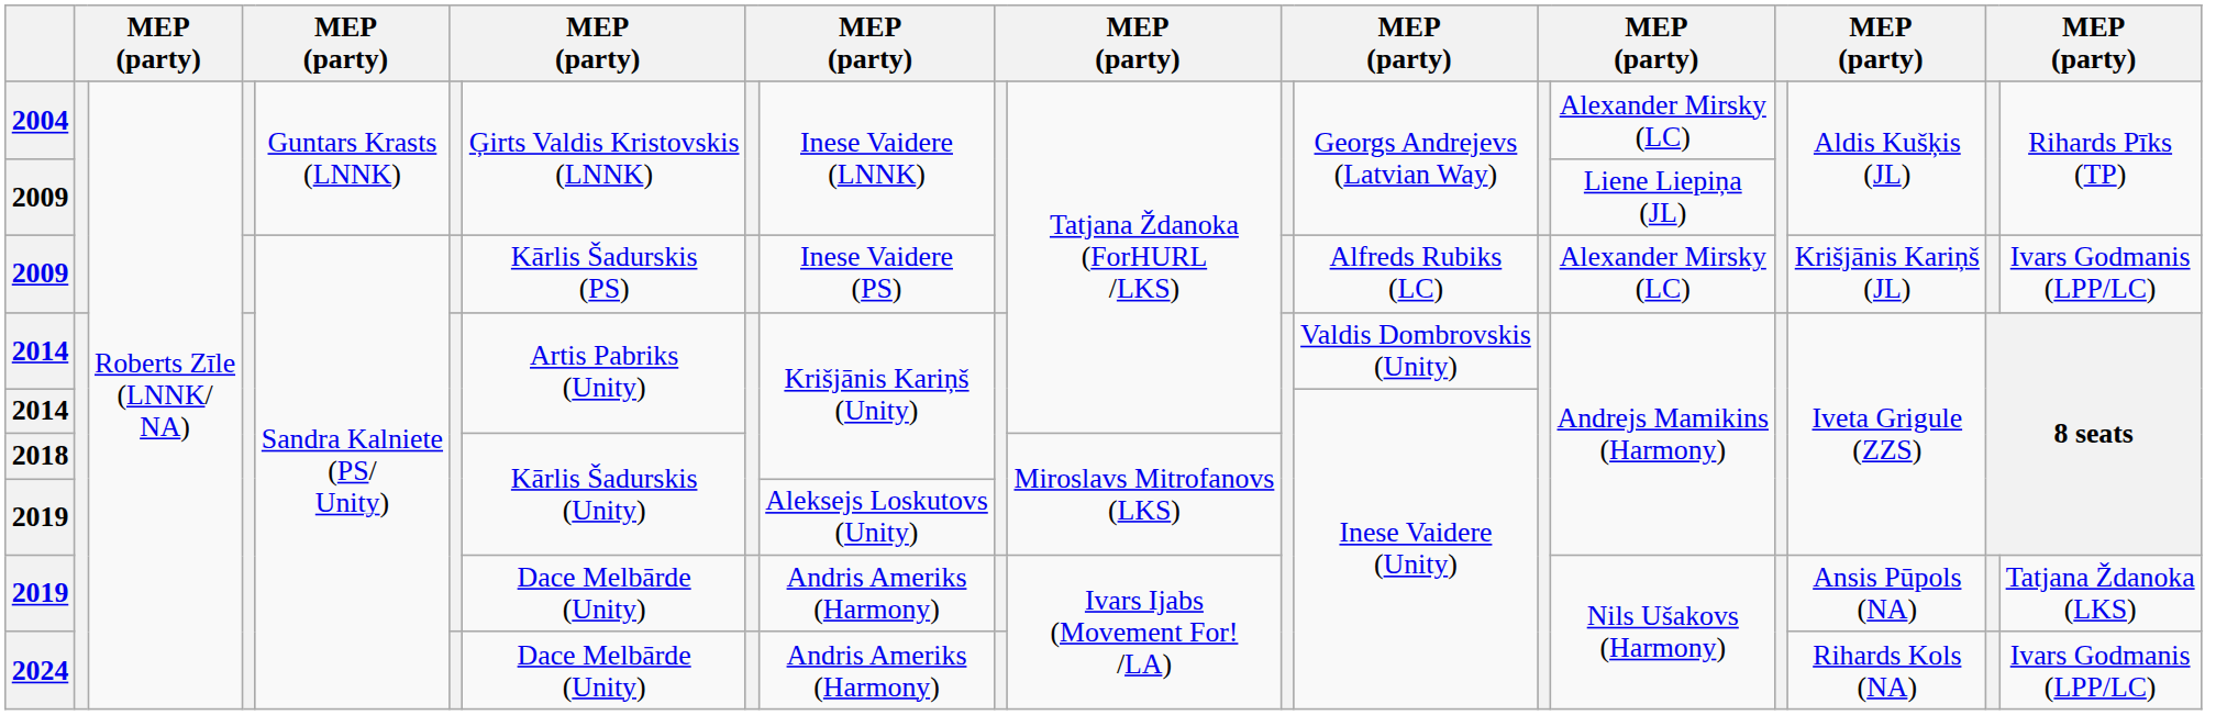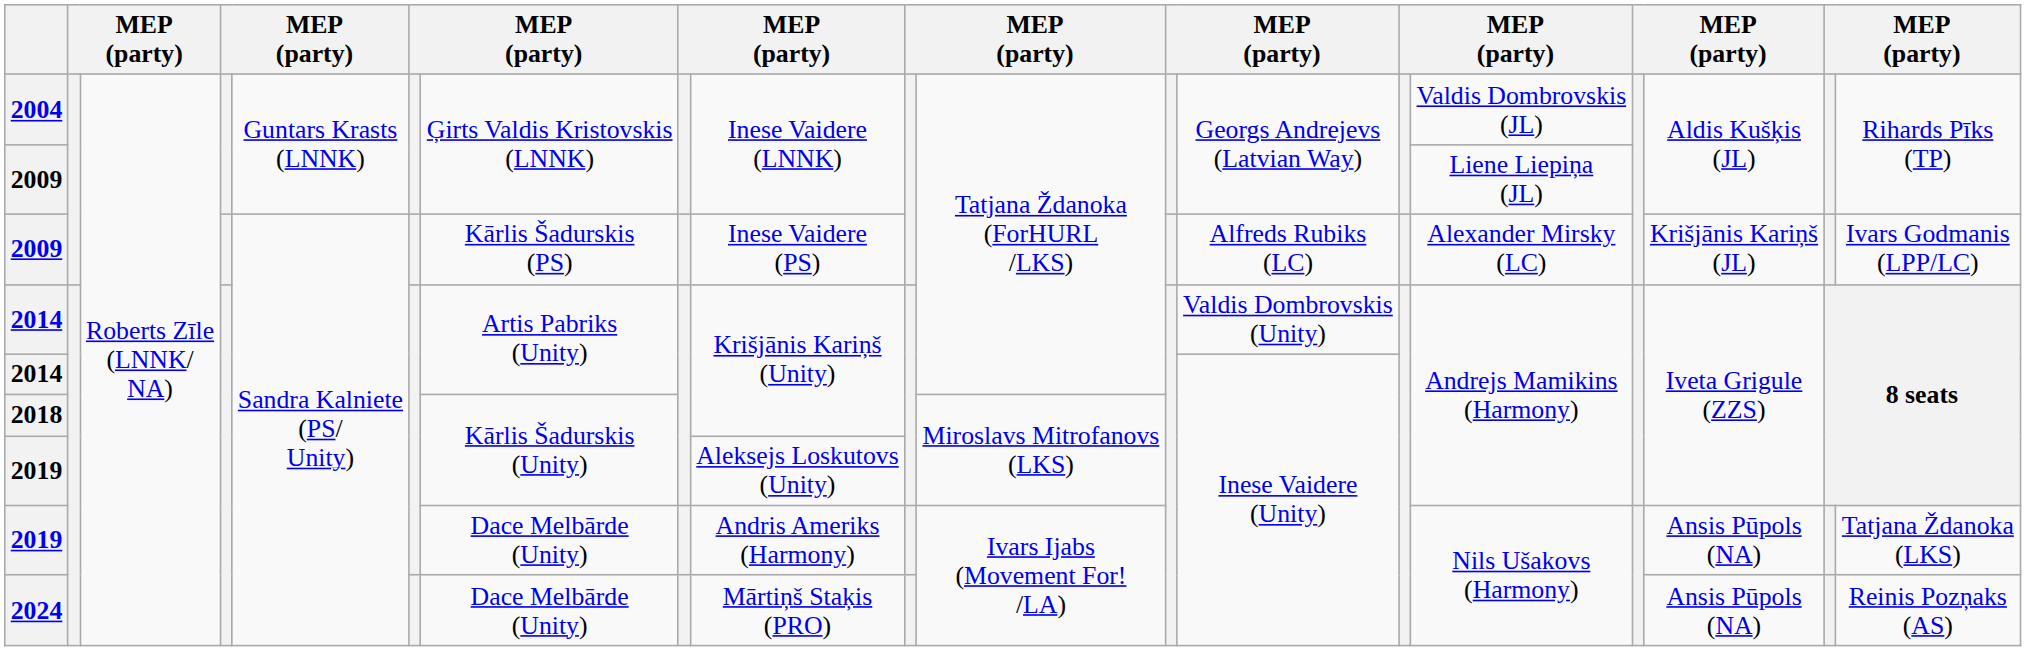 <table class="wikitable" style="text-align:center">
 <tr>
 <th></th>
 <th colspan=2>MEP<br>(party)</th>
 <th colspan=2>MEP<br>(party)</th>
 <th colspan=2>MEP<br>(party)</th>
 <th colspan=2>MEP<br>(party)</th>
 <th colspan=2>MEP<br>(party)</th>
 <th colspan=2>MEP<br>(party)</th>
 <th colspan=2>MEP<br>(party)</th>
 <th colspan=2>MEP<br>(party)</th>
 <th colspan=2>MEP<br>(party)</th>
 </tr>
 <tr>
 <th><a href='#'>2004</a></th>
 <th rowspan=3 style="background-color: "></th>
 <td rowspan=9><a href='#'>Roberts Zīle</a><br>(<a href='#'>LNNK</a>/<br><a href='#'>NA</a>)</td>
 <th rowspan=2 style="background-color: "></th>
 <td rowspan=2><a href='#'>Guntars Krasts</a><br>(<a href='#'>LNNK</a>)</td>
 <th rowspan=2 style="background-color: "></th>
 <td rowspan=2><a href='#'>Ģirts Valdis Kristovskis</a><br>(<a href='#'>LNNK</a>)</td>
 <th rowspan=2 style="background-color: "></th>
 <td rowspan=2><a href='#'>Inese Vaidere</a><br>(<a href='#'>LNNK</a>)</td>
 <th rowspan=3 style="background-color: "></th>
 <td rowspan=5><a href='#'>Tatjana Ždanoka</a><br>(<a href='#'>ForHURL</a><br>/<a href='#'>LKS</a>)</td>
 <th rowspan=2 style="background-color: "></th>
 <td rowspan=2><a href='#'>Georgs Andrejevs</a><br>(<a href='#'>Latvian Way</a>)</td>
 <th rowspan=2 style="background-color: "></th>
-<td rowspan=1><a href='#'>Alexander Mirsky</a><br>(<a href='#'>LC</a>)</td>
+<td rowspan=1><a href='#'>Valdis Dombrovskis</a><br>(<a href='#'>JL</a>)</td>
 <th rowspan=3 style="background-color: "></th>
 <td rowspan=2><a href='#'>Aldis Kušķis</a><br>(<a href='#'>JL</a>)</td>
 <th rowspan=2 style="background-color: "></th>
 <td rowspan=2><a href='#'>Rihards Pīks</a><br>(<a href='#'>TP</a>)</td>
 </tr>
 <tr>
 <th>2009</th>
 <td rowspan=1><a href='#'>Liene Liepiņa</a><br>(<a href='#'>JL</a>)</td>
 </tr>
 <tr>
 <th><a href='#'>2009</a></th>
 <th rowspan=1 style="background-color: "></th>
 <td rowspan=7><a href='#'>Sandra Kalniete</a><br>(<a href='#'>PS</a>/<br><a href='#'>Unity</a>)</td>
 <th rowspan=1 style="background-color: "></th>
 <td rowspan=1><a href='#'>Kārlis Šadurskis</a><br>(<a href='#'>PS</a>)</td>
 <th rowspan=1 style="background-color: "></th>
 <td rowspan=1><a href='#'>Inese Vaidere</a><br>(<a href='#'>PS</a>)</td>
 <th rowspan=1 style="background-color: "></th>
 <td rowspan=1><a href='#'>Alfreds Rubiks</a><br>(<a href='#'>LC</a>)</td>
 <th rowspan=1 style="background-color: "></th>
 <td rowspan=1><a href='#'>Alexander Mirsky</a><br>(<a href='#'>LC</a>)</td>
 <td rowspan=1><a href='#'>Krišjānis Kariņš</a><br>(<a href='#'>JL</a>)</td>
 <th rowspan=1 style="background-color: "></th>
 <td rowspan=1><a href='#'>Ivars Godmanis</a><br>(<a href='#'>LPP/LC</a>)</td>
 </tr>
 <tr>
 <th><a href='#'>2014</a></th>
 <th rowspan=7 style="background-color: "></th>
 <th rowspan=6 style="background-color: "></th>
 <th rowspan=5 style="background-color: "></th>
 <td rowspan=2><a href='#'>Artis Pabriks</a><br>(<a href='#'>Unity</a>)</td>
 <th rowspan=4 style="background-color: "></th>
 <td rowspan=3><a href='#'>Krišjānis Kariņš</a><br>(<a href='#'>Unity</a>)</td>
 <th rowspan=4 style="background-color: "></th>
 <th rowspan=6 style="background-color: "></th>
 <td rowspan=1><a href='#'>Valdis Dombrovskis</a><br>(<a href='#'>Unity</a>)</td>
 <th rowspan=6 style="background-color: "></th>
 <td rowspan=4><a href='#'>Andrejs Mamikins</a><br>(<a href='#'>Harmony</a>)</td>
 <th rowspan=4 style="background-color: "></th>
 <td rowspan=4><a href='#'>Iveta Grigule</a><br>(<a href='#'>ZZS</a>)</td>
 <th colspan=2; rowspan=4>8 seats</th>
 </tr>
 <tr>
 <th>2014</th>
 <td rowspan=5><a href='#'>Inese Vaidere</a><br>(<a href='#'>Unity</a>)</td>
 </tr>
 <tr>
 <th>2018</th>
 <td rowspan=2><a href='#'>Kārlis Šadurskis</a><br>(<a href='#'>Unity</a>)</td>
 <td rowspan=2><a href='#'>Miroslavs Mitrofanovs</a><br>(<a href='#'>LKS</a>)</td>
 </tr>
 <tr>
 <th>2019</th>
 <td rowspan=1><a href='#'>Aleksejs Loskutovs</a><br>(<a href='#'>Unity</a>)</td>
 </tr>
 <tr>
 <th><a href='#'>2019</a></th>
 <td rowspan=1><a href='#'>Dace Melbārde</a><br>(<a href='#'>Unity</a>)</td>
 <th rowspan=1 style="background-color: "></th>
 <td rowspan=1><a href='#'>Andris Ameriks</a><br>(<a href='#'>Harmony</a>)</td>
 <th rowspan=1 style="background-color: "></th>
 <td rowspan=2><a href='#'>Ivars Ijabs</a><br>(<a href='#'>Movement For!</a><br>/<a href='#'>LA</a>)</td>
 <td rowspan=2><a href='#'>Nils Ušakovs</a><br>(<a href='#'>Harmony</a>)</td>
 <th rowspan=2 style="background-color: "></th>
 <td rowspan=1><a href='#'>Ansis Pūpols</a><br>(<a href='#'>NA</a>)</td>
 <th rowspan=1 style="background-color: "></th>
 <td rowspan=1><a href='#'>Tatjana Ždanoka</a><br>(<a href='#'>LKS</a>)</td>
 </tr>
 <tr>
 <th><a href='#'>2024</a></th>
 <th rowspan=1 style="background-color: "></th>
 <td rowspan=1><a href='#'>Dace Melbārde</a><br>(<a href='#'>Unity</a>)</td>
 <th rowspan=1 style="background-color: "></th>
-<td rowspan=1><a href='#'>Andris Ameriks</a><br>(<a href='#'>Harmony</a>)</td>
+<td rowspan=1><a href='#'>Mārtiņš Staķis</a><br>(<a href='#'>PRO</a>)</td>
 <th rowspan=1 style="background-color: "></th>
-<td rowspan=1><a href='#'>Rihards Kols</a><br>(<a href='#'>NA</a>)</td>
+<td rowspan=1><a href='#'>Ansis Pūpols</a><br>(<a href='#'>NA</a>)</td>
 <th rowspan=1 style="background-color: "></th>
-<td rowspan=1><a href='#'>Ivars Godmanis</a><br>(<a href='#'>LPP/LC</a>)</td>
+<td rowspan=1><a href='#'>Reinis Pozņaks</a><br>(<a href='#'>AS</a>)</td>
 </tr>
 </table>
